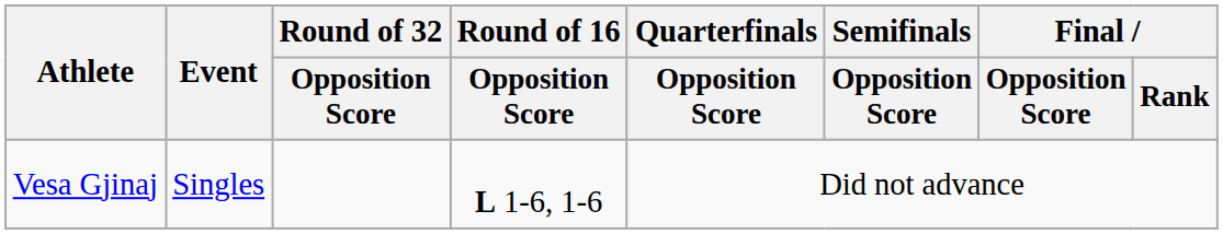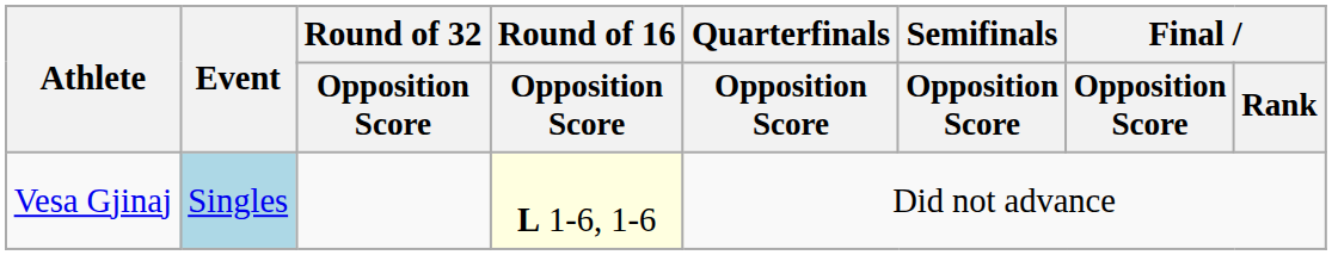 <table class=wikitable style="font-size:90%">
 <tr>
 <th rowspan="2">Athlete</th>
 <th rowspan="2">Event</th>
 <th>Round of 32</th>
 <th>Round of 16</th>
 <th>Quarterfinals</th>
 <th>Semifinals</th>
 <th colspan=2>Final / </th>
 </tr>
 <tr style="font-size:95%">
 <th>Opposition<br>Score</th>
 <th>Opposition<br>Score</th>
 <th>Opposition<br>Score</th>
 <th>Opposition<br>Score</th>
 <th>Opposition<br>Score</th>
 <th>Rank</th>
 </tr>
 <tr align=center>
 <td align=left><a href='#'>Vesa Gjinaj</a></td>
-<td align=left><a href='#'>Singles</a></td>
+<td align=left style="background: lightblue;"><a href='#'>Singles</a></td>
 <td></td>
-<td><br><strong>L</strong> 1-6, 1-6</td>
+<td style="background: lightyellow;"><br><strong>L</strong> 1-6, 1-6</td>
 <td colspan=4>Did not advance</td>
 </tr>
 </table>
